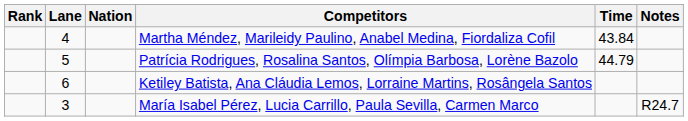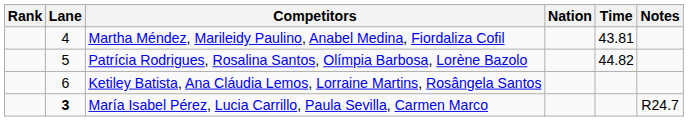 <table class="wikitable sortable" style="text-align:center; font-size:95%">
 <tr>
 <th>Rank</th>
 <th>Lane</th>
+<th>Competitors</th>
 <th>Nation</th>
-<th>Competitors</th>
 <th>Time</th>
 <th>Notes</th>
 </tr>
 <tr>
 <td></td>
 <td>4</td>
+<td align=left><a href='#'>Martha Méndez</a>, <a href='#'>Marileidy Paulino</a>, <a href='#'>Anabel Medina</a>, <a href='#'>Fiordaliza Cofil</a></td>
 <td align=left></td>
-<td align=left><a href='#'>Martha Méndez</a>, <a href='#'>Marileidy Paulino</a>, <a href='#'>Anabel Medina</a>, <a href='#'>Fiordaliza Cofil</a></td>
-<td>43.84</td>
+<td>43.81</td>
 <td><strong></strong></td>
 </tr>
 <tr>
 <td></td>
 <td>5</td>
+<td align=left><a href='#'>Patrícia Rodrigues</a>, <a href='#'>Rosalina Santos</a>, <a href='#'>Olímpia Barbosa</a>, <a href='#'>Lorène Bazolo</a></td>
 <td align=left></td>
-<td align=left><a href='#'>Patrícia Rodrigues</a>, <a href='#'>Rosalina Santos</a>, <a href='#'>Olímpia Barbosa</a>, <a href='#'>Lorène Bazolo</a></td>
-<td>44.79</td>
+<td>44.82</td>
 <td><strong></strong></td>
 </tr>
 <tr>
 <td></td>
 <td>6</td>
+<td align=left><a href='#'>Ketiley Batista</a>, <a href='#'>Ana Cláudia Lemos</a>, <a href='#'>Lorraine Martins</a>, <a href='#'>Rosângela Santos</a></td>
 <td align=left></td>
-<td align=left><a href='#'>Ketiley Batista</a>, <a href='#'>Ana Cláudia Lemos</a>, <a href='#'>Lorraine Martins</a>, <a href='#'>Rosângela Santos</a></td>
 <td></td>
 <td></td>
 </tr>
 <tr>
 <td></td>
-<td>3</td>
+<td><strong>3</strong></td>
+<td align=left><a href='#'>María Isabel Pérez</a>, <a href='#'>Lucia Carrillo</a>, <a href='#'>Paula Sevilla</a>, <a href='#'>Carmen Marco</a></td>
 <td align=left></td>
-<td align=left><a href='#'>María Isabel Pérez</a>, <a href='#'>Lucia Carrillo</a>, <a href='#'>Paula Sevilla</a>, <a href='#'>Carmen Marco</a></td>
 <td></td>
 <td>R24.7</td>
 </tr>
 </table>
